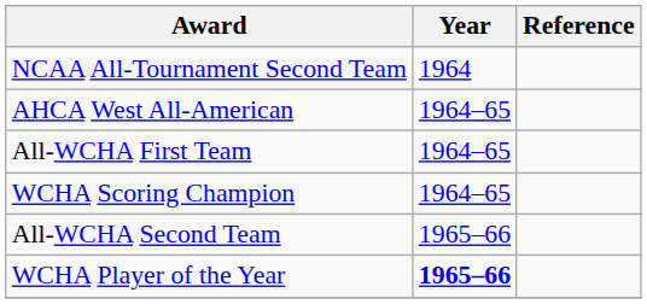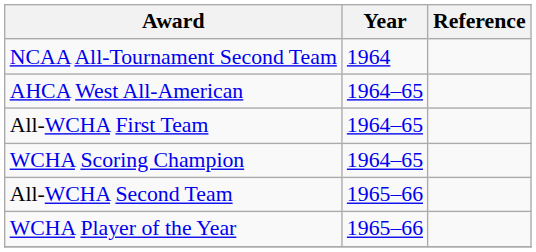 <table class="wikitable">
 <tr>
 <th>Award</th>
 <th>Year</th>
 <th>Reference</th>
 </tr>
 <tr>
 <td><a href='#'>NCAA</a> <a href='#'>All-Tournament Second Team</a></td>
 <td><a href='#'>1964</a></td>
 <td></td>
 </tr>
 <tr>
 <td><a href='#'>AHCA</a> <a href='#'>West All-American</a></td>
 <td><a href='#'>1964–65</a></td>
 <td></td>
 </tr>
 <tr>
 <td>All-<a href='#'>WCHA</a> <a href='#'>First Team</a></td>
 <td><a href='#'>1964–65</a></td>
 <td></td>
 </tr>
 <tr>
 <td><a href='#'>WCHA</a> <a href='#'>Scoring Champion</a></td>
 <td><a href='#'>1964–65</a></td>
 <td></td>
 </tr>
 <tr>
 <td>All-<a href='#'>WCHA</a> <a href='#'>Second Team</a></td>
 <td><a href='#'>1965–66</a></td>
 <td></td>
 </tr>
 <tr>
 <td><a href='#'>WCHA</a> <a href='#'>Player of the Year</a></td>
-<td><strong><a href='#'>1965–66</a></strong></td>
+<td><a href='#'>1965–66</a></td>
 <td></td>
 </tr>
 <tr>
 </tr>
 </table>
